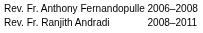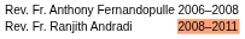 <table>
 <tr>
 <td>Rev. Fr. Anthony Fernandopulle</td>
 <td>2006–2008</td>
 </tr>
 <tr>
 <td>Rev. Fr. Ranjith Andradi</td>
-<td>2008–2011</td>
+<td style="background: lightsalmon;">2008–2011</td>
 </tr>
 <tr>
 </tr>
 </table>
